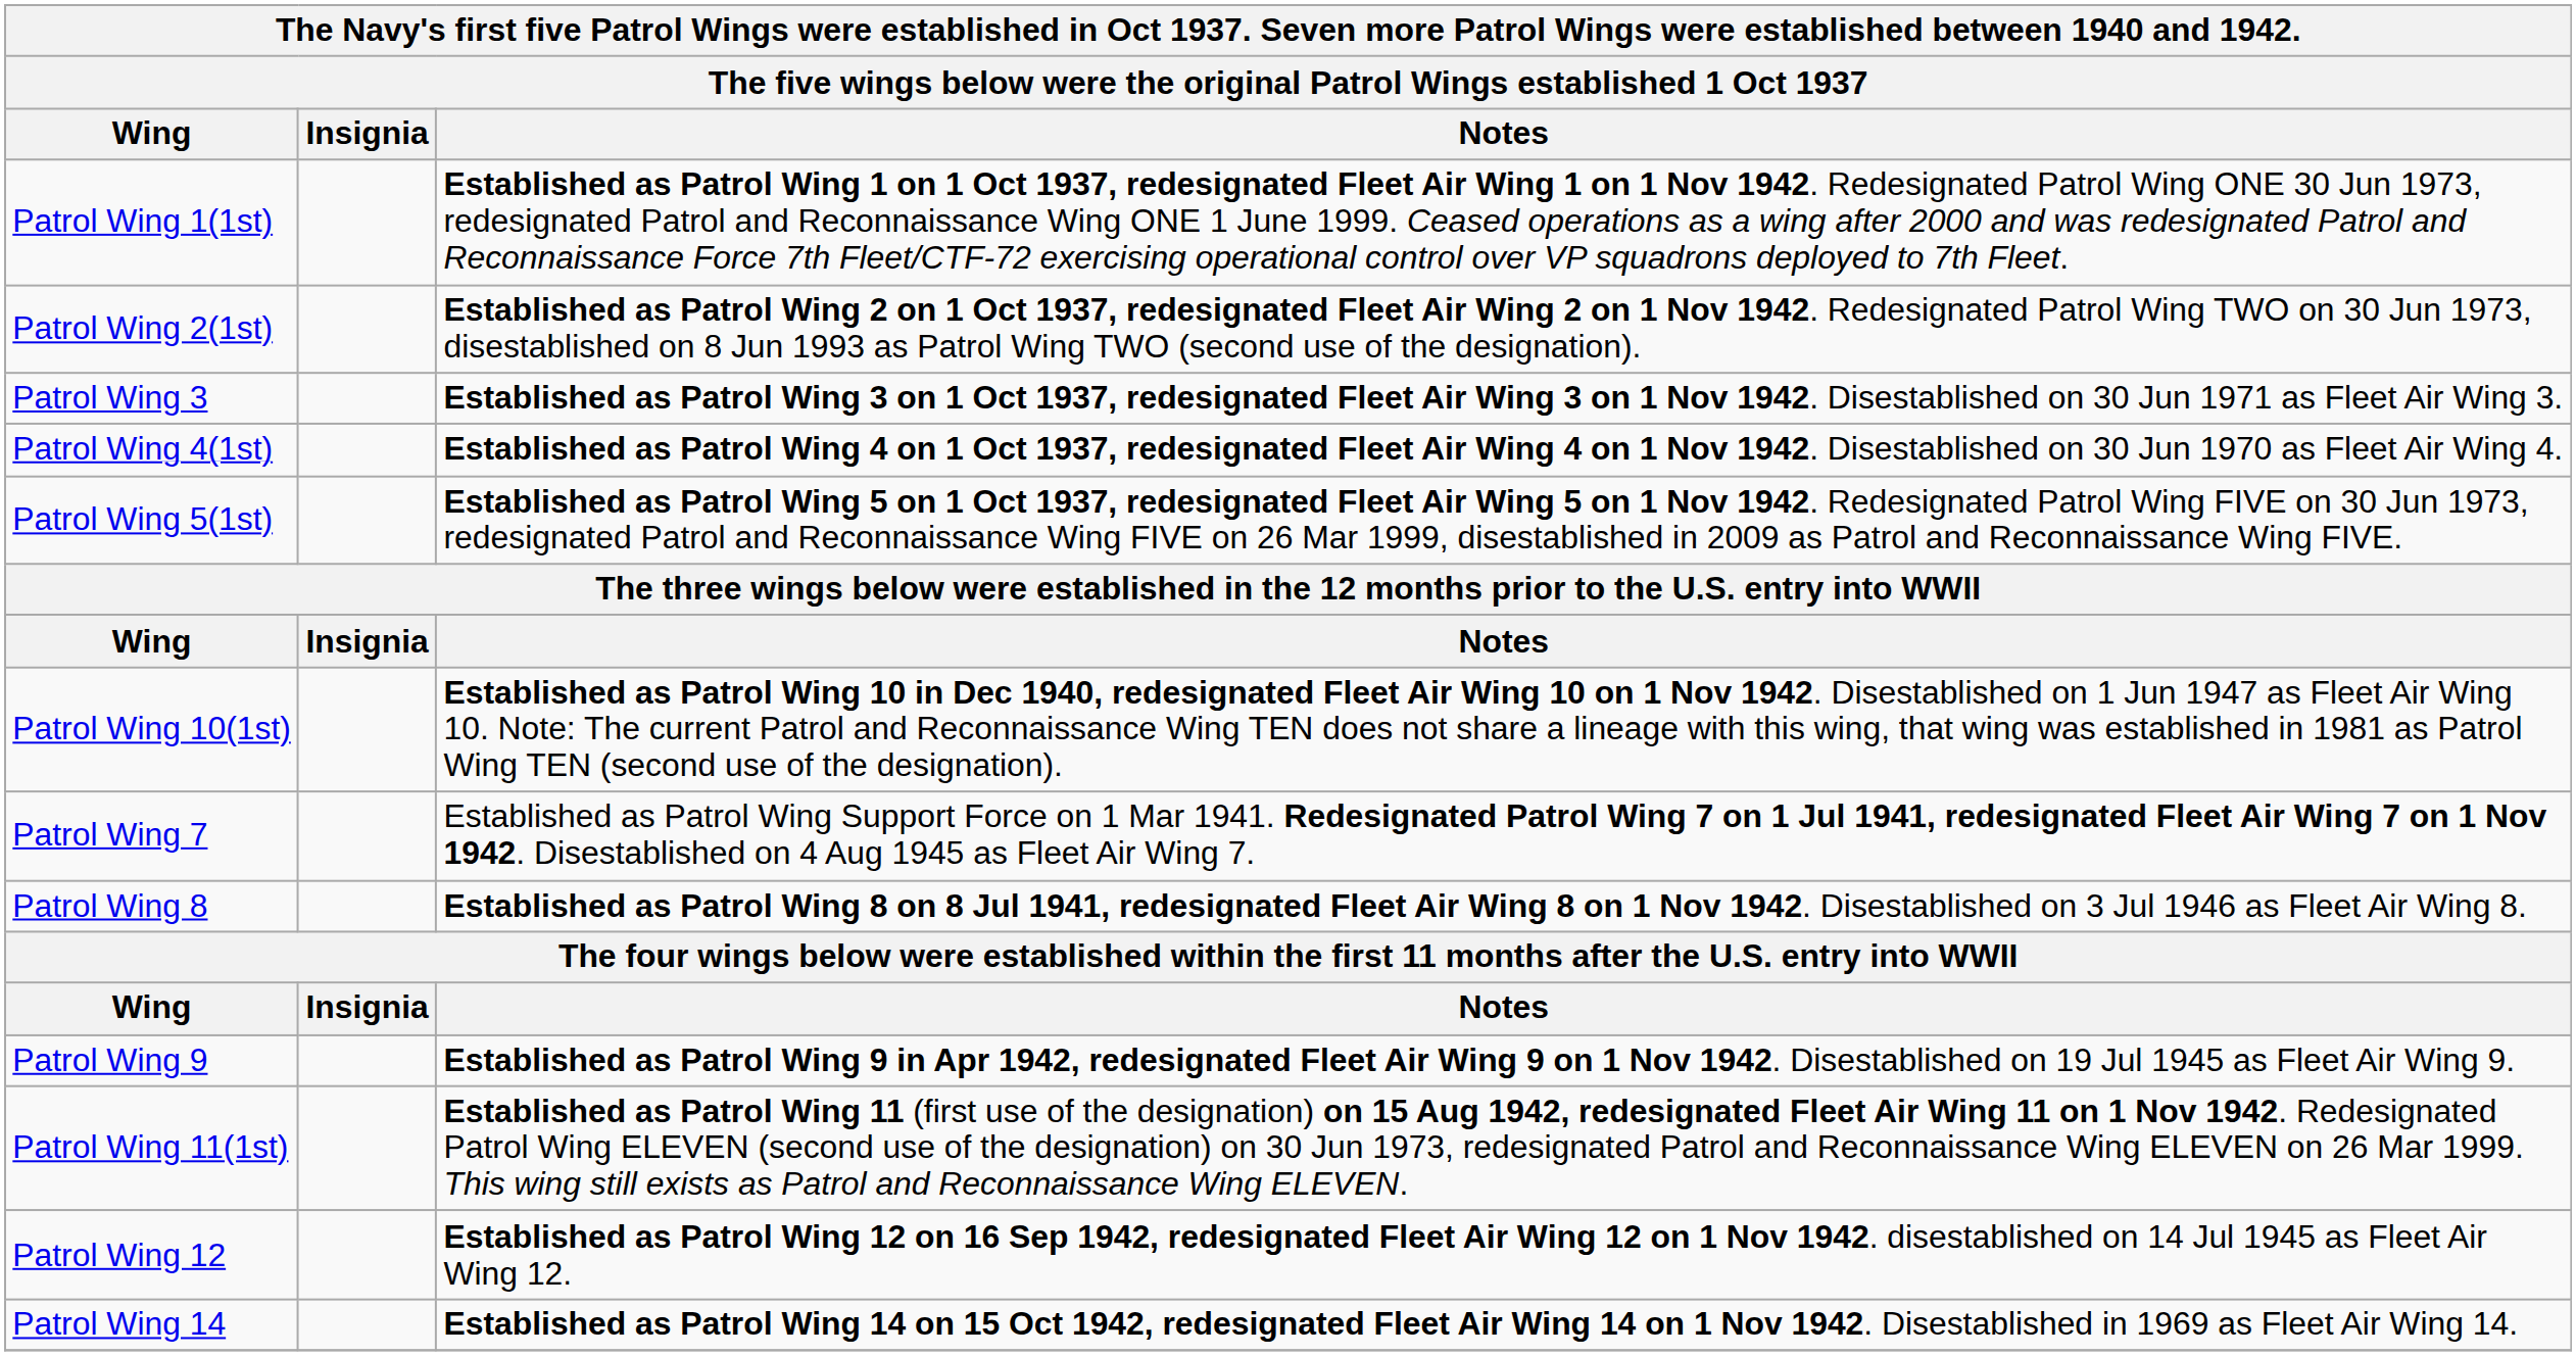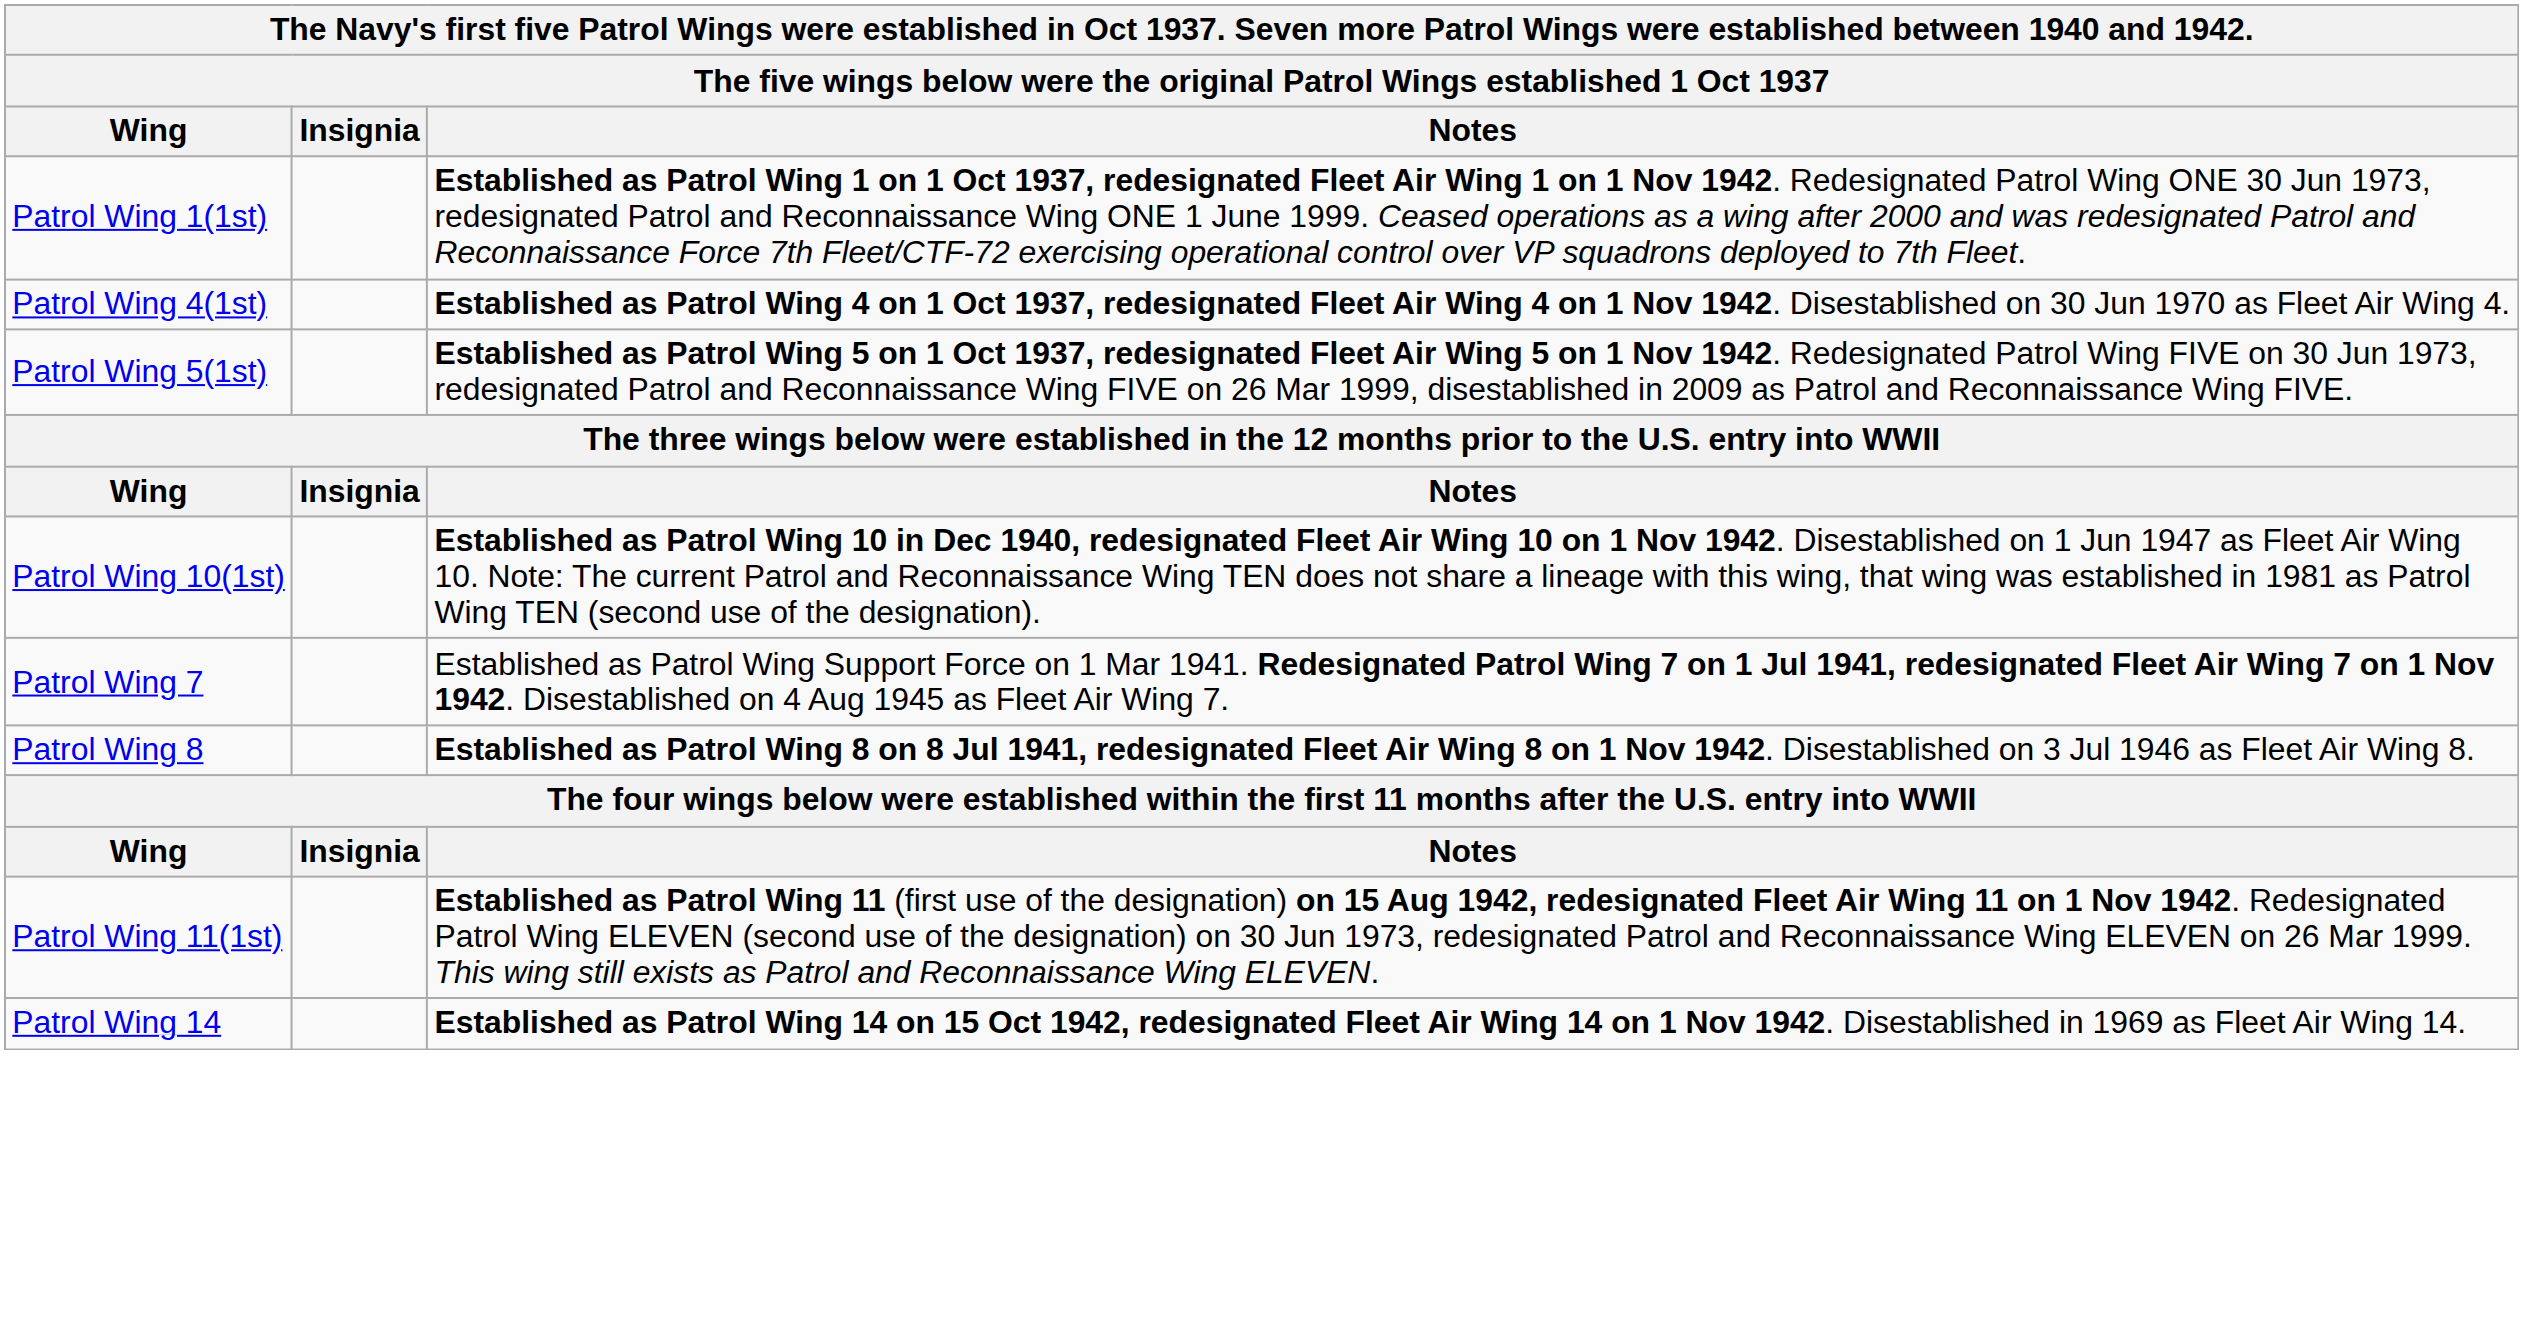 <table class="wikitable" width=100% style="text-align: center">
 <tr>
 <th colspan=3>The Navy's first five Patrol Wings were established in Oct 1937. Seven more Patrol Wings were established between 1940 and 1942.</th>
 </tr>
 <tr>
 <th colspan=3>The five wings below were the original Patrol Wings established 1 Oct 1937</th>
 </tr>
 <tr>
 <th colspan=1>Wing</th>
 <th>Insignia</th>
 <th>Notes</th>
 </tr>
 <tr>
 <td align=left style="white-space: nowrap;"><a href='#'>Patrol Wing 1(1st)</a></td>
 <td></td>
 <td align=left><strong>Established as Patrol Wing 1 on 1 Oct 1937, redesignated Fleet Air Wing 1 on 1 Nov 1942</strong>. Redesignated Patrol Wing ONE 30 Jun 1973, redesignated Patrol and Reconnaissance Wing ONE 1 June 1999. <em>Ceased operations as a wing after 2000 and was redesignated Patrol and Reconnaissance Force 7th Fleet/CTF-72 exercising operational control over VP squadrons deployed to 7th Fleet</em>.</td>
-</tr>
-<tr>
-<td align=left><a href='#'>Patrol Wing 2(1st)</a></td>
-<td></td>
-<td align=left><strong>Established as Patrol Wing 2 on 1 Oct 1937, redesignated Fleet Air Wing 2 on 1 Nov 1942</strong>. Redesignated Patrol Wing TWO on 30 Jun 1973, disestablished on 8 Jun 1993 as Patrol Wing TWO (second use of the designation).</td>
-</tr>
-<tr>
-<td align=left><a href='#'>Patrol Wing 3</a></td>
-<td></td>
-<td align=left><strong>Established as Patrol Wing 3 on 1 Oct 1937, redesignated Fleet Air Wing 3 on 1 Nov 1942</strong>. Disestablished on 30 Jun 1971 as Fleet Air Wing 3.</td>
 </tr>
 <tr>
 <td align=left><a href='#'>Patrol Wing 4(1st)</a></td>
 <td></td>
 <td align=left><strong>Established as Patrol Wing 4 on 1 Oct 1937, redesignated Fleet Air Wing 4 on 1 Nov 1942</strong>. Disestablished on 30 Jun 1970 as Fleet Air Wing 4.</td>
 </tr>
 <tr>
 <td align=left><a href='#'>Patrol Wing 5(1st)</a></td>
 <td></td>
 <td align=left><strong>Established as Patrol Wing 5 on 1 Oct 1937, redesignated Fleet Air Wing 5 on 1 Nov 1942</strong>. Redesignated Patrol Wing FIVE on 30 Jun 1973, redesignated Patrol and Reconnaissance Wing FIVE on 26 Mar 1999, disestablished in 2009 as Patrol and Reconnaissance Wing FIVE.</td>
 </tr>
 <tr>
 <th colspan=3>The three wings below were established in the 12 months prior to the U.S. entry into WWII</th>
 </tr>
 <tr>
 <th colspan=1>Wing</th>
 <th>Insignia</th>
 <th>Notes</th>
 </tr>
 <tr>
 <td align=left style="white-space: nowrap;"><a href='#'>Patrol Wing 10(1st)</a></td>
 <td></td>
 <td align=left><strong>Established as Patrol Wing 10 in Dec 1940, redesignated Fleet Air Wing 10 on 1 Nov 1942</strong>. Disestablished on 1 Jun 1947 as Fleet Air Wing 10. Note: The current Patrol and Reconnaissance Wing TEN does not share a lineage with this wing, that wing was established in 1981 as Patrol Wing TEN (second use of the designation).</td>
 </tr>
 <tr>
 <td align=left><a href='#'>Patrol Wing 7</a></td>
 <td></td>
 <td align=left>Established as Patrol Wing Support Force on 1 Mar 1941. <strong>Redesignated Patrol Wing 7 on 1 Jul 1941, redesignated Fleet Air Wing 7 on 1 Nov 1942</strong>. Disestablished on 4 Aug 1945 as Fleet Air Wing 7.</td>
 </tr>
 <tr>
 <td align=left><a href='#'>Patrol Wing 8</a></td>
 <td></td>
 <td align=left><strong>Established as Patrol Wing 8 on 8 Jul 1941, redesignated Fleet Air Wing 8 on 1 Nov 1942</strong>. Disestablished on 3 Jul 1946 as Fleet Air Wing 8.</td>
 </tr>
 <tr>
 <th colspan=3>The four wings below were established within the first 11 months after the U.S. entry into WWII</th>
 </tr>
 <tr>
 <th colspan=1>Wing</th>
 <th>Insignia</th>
 <th>Notes</th>
 </tr>
 <tr>
-<td align=left><a href='#'>Patrol Wing 9</a></td>
-<td></td>
-<td align=left><strong>Established as Patrol Wing 9 in Apr 1942, redesignated Fleet Air Wing 9 on 1 Nov 1942</strong>. Disestablished on 19 Jul 1945 as Fleet Air Wing 9.</td>
-</tr>
-<tr>
 <td align=left style="white-space: nowrap;"><a href='#'>Patrol Wing 11(1st)</a></td>
 <td></td>
 <td align=left><strong>Established as Patrol Wing 11</strong> (first use of the designation) <strong>on 15 Aug 1942, redesignated Fleet Air Wing 11 on 1 Nov 1942</strong>. Redesignated Patrol Wing ELEVEN (second use of the designation) on 30 Jun 1973, redesignated Patrol and Reconnaissance Wing ELEVEN on 26 Mar 1999. <em>This wing still exists as Patrol and Reconnaissance Wing ELEVEN</em>.</td>
-</tr>
-<tr>
-<td align=left><a href='#'>Patrol Wing 12</a></td>
-<td></td>
-<td align=left><strong>Established as Patrol Wing 12 on 16 Sep 1942, redesignated Fleet Air Wing 12 on 1 Nov 1942</strong>. disestablished on 14 Jul 1945 as Fleet Air Wing 12.</td>
 </tr>
 <tr>
 <td align=left><a href='#'>Patrol Wing 14</a></td>
 <td></td>
 <td align=left><strong>Established as Patrol Wing 14 on 15 Oct 1942, redesignated Fleet Air Wing 14 on 1 Nov 1942</strong>. Disestablished in 1969 as Fleet Air Wing 14.</td>
 </tr>
 <tr>
 </tr>
 </table>
